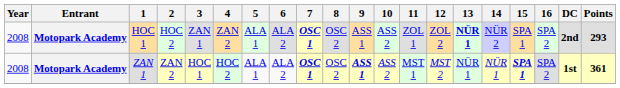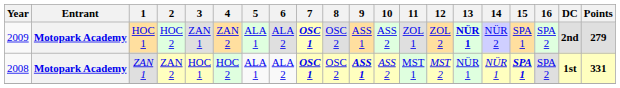 <table class="wikitable" style="text-align:center; font-size:85%">
 <tr>
 <th>Year</th>
 <th>Entrant</th>
 <th>1</th>
 <th>2</th>
 <th>3</th>
 <th>4</th>
 <th>5</th>
 <th>6</th>
 <th>7</th>
 <th>8</th>
 <th>9</th>
 <th>10</th>
 <th>11</th>
 <th>12</th>
 <th>13</th>
 <th>14</th>
 <th>15</th>
 <th>16</th>
 <th>DC</th>
 <th>Points</th>
 </tr>
 <tr>
-<td><a href='#'>2008</a></td>
+<td><a href='#'>2009</a></td>
 <th nowrap><a href='#'>Motopark Academy</a></th>
 <td style="background:#FFDF9F;"><a href='#'>HOC<br>1</a><br></td>
 <td style="background:#DFFFDF;"><a href='#'>HOC<br>2</a><br></td>
 <td style="background:#DFDFDF;"><a href='#'>ZAN<br>1</a><br></td>
 <td style="background:#FFDF9F;"><a href='#'>ZAN<br>2</a><br></td>
 <td style="background:#DFFFDF;"><a href='#'>ALA<br>1</a><br></td>
 <td style="background:#DFDFDF;"><a href='#'>ALA<br>2</a><br></td>
 <td style="background:#FFFFBF;"><strong><em><a href='#'>OSC<br>1</a></em></strong><br></td>
 <td style="background:#DFDFDF;"><a href='#'>OSC<br>2</a><br></td>
 <td style="background:#FFDF9F;"><a href='#'>ASS<br>1</a><br></td>
 <td style="background:#DFFFDF;"><a href='#'>ASS<br>2</a><br></td>
 <td style="background:#DFDFDF;"><a href='#'>ZOL<br>1</a><br></td>
 <td style="background:#FFDF9F;"><a href='#'>ZOL<br>2</a><br></td>
 <td style="background:#DFFFDF;"><strong><a href='#'>NÜR<br>1</a><br></strong></td>
 <td style="background:#CFCFFF;"><a href='#'>NÜR<br>2</a><br></td>
 <td style="background:#FFDF9F;"><a href='#'>SPA<br>1</a><br></td>
 <td style="background:#DFFFDF;"><a href='#'>SPA<br>2</a><br></td>
 <th style="background:#DFDFDF;">2nd</th>
-<th style="background:#DFDFDF;">293</th>
+<th style="background:#DFDFDF;">279</th>
 </tr>
 <tr>
 <td><a href='#'>2008</a></td>
 <th nowrap><a href='#'>Motopark Academy</a></th>
 <td style="background:#DFDFDF;"><em><a href='#'>ZAN<br>1</a></em><br></td>
 <td style="background:#FFFFBF;"><a href='#'>ZAN<br>2</a><br></td>
 <td style="background:#FFFFBF;"><a href='#'>HOC<br>1</a><br></td>
 <td style="background:#DFFFDF;"><a href='#'>HOC<br>2</a><br></td>
 <td><a href='#'>ALA<br>1</a></td>
 <td><a href='#'>ALA<br>2</a></td>
 <td style="background:#FFFFBF;"><strong><em><a href='#'>OSC<br>1</a></em></strong><br></td>
 <td style="background:#FFFFBF;"><a href='#'>OSC<br>2</a><br></td>
 <td style="background:#FFFFBF;"><strong><em><a href='#'>ASS<br>1</a></em></strong><br></td>
 <td style="background:#FFFFBF;"><em><a href='#'>ASS<br>2</a></em><br></td>
 <td style="background:#DFFFDF;"><a href='#'>MST<br>1</a><br></td>
 <td style="background:#FFFFBF;"><em><a href='#'>MST<br>2</a></em><br></td>
 <td style="background:#DFFFDF;"><a href='#'>NÜR<br>1</a><br></td>
 <td style="background:#FFFFBF;"><em><a href='#'>NÜR<br>1</a></em><br></td>
 <td style="background:#FFFFBF;"><strong><em><a href='#'>SPA<br>1</a></em></strong><br></td>
 <td style="background:#DFDFDF;"><a href='#'>SPA<br>2</a><br></td>
 <th style="background:#FFFFBF;">1st</th>
-<th style="background:#FFFFBF;">361</th>
+<th style="background:#FFFFBF;">331</th>
 </tr>
 <tr>
 </tr>
 </table>
